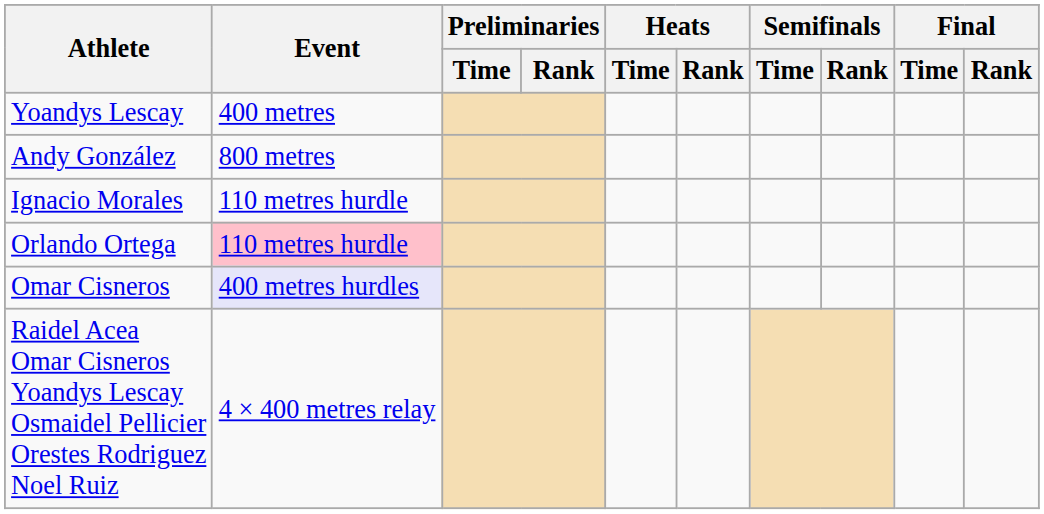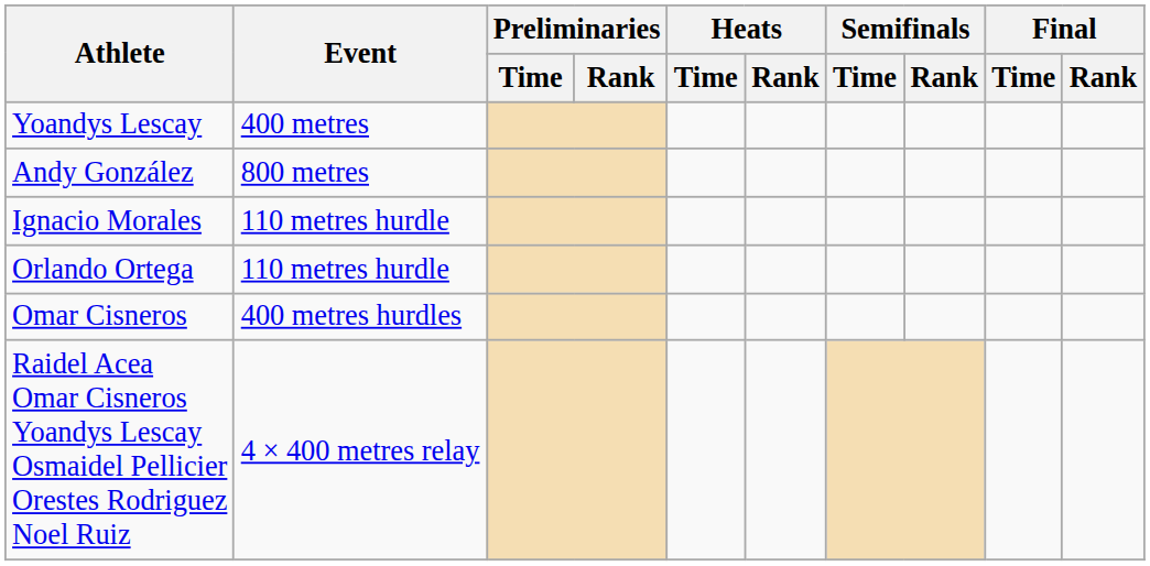 <table class=wikitable style="font-size:90%;">
 <tr>
 <th rowspan="2">Athlete</th>
 <th rowspan="2">Event</th>
 <th colspan="2">Preliminaries</th>
 <th colspan="2">Heats</th>
 <th colspan="2">Semifinals</th>
 <th colspan="2">Final</th>
 </tr>
 <tr>
 <th>Time</th>
 <th>Rank</th>
 <th>Time</th>
 <th>Rank</th>
 <th>Time</th>
 <th>Rank</th>
 <th>Time</th>
 <th>Rank</th>
 </tr>
 <tr style="border-top: single;">
 <td><a href='#'>Yoandys Lescay</a></td>
 <td><a href='#'>400 metres</a></td>
 <td colspan= 2 bgcolor="wheat"></td>
 <td align=center></td>
 <td align=center></td>
 <td align=center></td>
 <td align=center></td>
 <td align=center></td>
 <td align=center></td>
 </tr>
 <tr style="border-top: single;">
 <td><a href='#'>Andy González</a></td>
 <td><a href='#'>800 metres</a></td>
 <td colspan= 2 bgcolor="wheat"></td>
 <td align=center></td>
 <td align=center></td>
 <td align=center></td>
 <td align=center></td>
 <td align=center></td>
 <td align=center></td>
 </tr>
 <tr style="border-top: single;">
 <td><a href='#'>Ignacio Morales</a></td>
 <td><a href='#'>110 metres hurdle</a></td>
 <td colspan= 2 bgcolor="wheat"></td>
 <td align=center></td>
 <td align=center></td>
 <td align=center></td>
 <td align=center></td>
 <td align=center></td>
 <td align=center></td>
 </tr>
 <tr style="border-top: single;">
 <td><a href='#'>Orlando Ortega</a></td>
-<td style="background: pink;"><a href='#'>110 metres hurdle</a></td>
+<td><a href='#'>110 metres hurdle</a></td>
 <td colspan= 2 bgcolor="wheat"></td>
 <td align=center></td>
 <td align=center></td>
 <td align=center></td>
 <td align=center></td>
 <td align=center></td>
 <td align=center></td>
 </tr>
 <tr style="border-top: single;">
 <td><a href='#'>Omar Cisneros</a></td>
-<td style="background: lavender;"><a href='#'>400 metres hurdles</a></td>
+<td><a href='#'>400 metres hurdles</a></td>
 <td colspan= 2 bgcolor="wheat"></td>
 <td align=center></td>
 <td align=center></td>
 <td align=center></td>
 <td align=center></td>
 <td align=center></td>
 <td align=center></td>
 </tr>
 <tr style="border-top: single;">
 <td><a href='#'>Raidel Acea</a><br><a href='#'>Omar Cisneros</a><br><a href='#'>Yoandys Lescay</a><br><a href='#'>Osmaidel Pellicier</a><br><a href='#'>Orestes Rodriguez</a><br><a href='#'>Noel Ruiz</a></td>
 <td><a href='#'>4 × 400 metres relay</a></td>
 <td colspan= 2 bgcolor="wheat"></td>
 <td align=center></td>
 <td align=center></td>
 <td colspan= 2 bgcolor="wheat"></td>
 <td align=center></td>
 <td align=center></td>
 </tr>
 </table>
